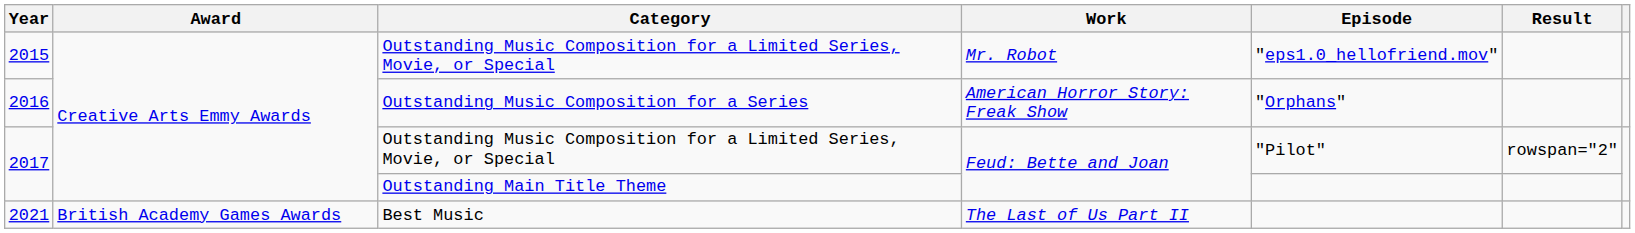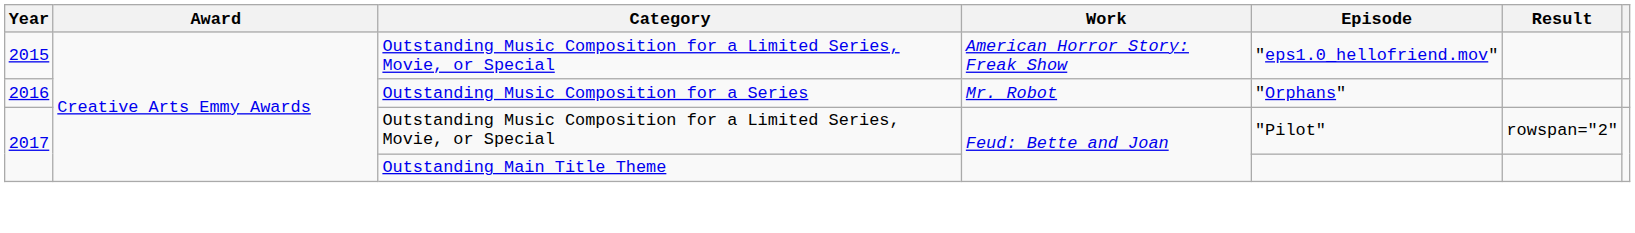 <table class="wikitable sortable plainrowheaders" style="width: 99%">
 <tr>
 <th scope="col">Year</th>
 <th scope="col" style="width:20%;">Award</th>
 <th scope="col">Category</th>
 <th scope="col">Work</th>
 <th scope="col">Episode</th>
 <th scope="col">Result</th>
 <th scope="col" class="unsortable"></th>
 </tr>
 <tr>
 <td style="text-align:center;"><a href='#'>2015</a></td>
 <td rowspan="4"><a href='#'>Creative Arts Emmy Awards</a></td>
 <td><a href='#'>Outstanding Music Composition for a Limited Series, Movie, or Special</a></td>
-<td><em><a href='#'>Mr. Robot</a></em></td>
+<td><em><a href='#'>American Horror Story: Freak Show</a></em></td>
 <td>"<a href='#'>eps1.0_hellofriend.mov</a>"</td>
 <td></td>
 <td style="text-align:center;"></td>
 </tr>
 <tr>
 <td style="text-align:center;"><a href='#'>2016</a></td>
 <td><a href='#'>Outstanding Music Composition for a Series</a></td>
-<td><em><a href='#'>American Horror Story: Freak Show</a></em></td>
+<td><em><a href='#'>Mr. Robot</a></em></td>
 <td>"<a href='#'>Orphans</a>"</td>
 <td></td>
 <td style="text-align:center;"></td>
 </tr>
 <tr>
 <td rowspan="2" style="text-align:center;"><a href='#'>2017</a></td>
 <td>Outstanding Music Composition for a Limited Series, Movie, or Special</td>
 <td rowspan="2"><em><a href='#'>Feud: Bette and Joan</a></em></td>
 <td>"Pilot"</td>
 <td>rowspan="2" </td>
 <td rowspan="2" style="text-align:center;"></td>
 </tr>
 <tr>
 <td><a href='#'>Outstanding Main Title Theme</a></td>
 <td></td>
 </tr>
-<tr>
-<td style="text-align:center;"><a href='#'>2021</a></td>
-<td><a href='#'>British Academy Games Awards</a></td>
-<td>Best Music</td>
-<td><em><a href='#'>The Last of Us Part II</a></em></td>
-<td></td>
-<td></td>
-<td style="text-align:center;"></td>
-</tr>
 </table>
